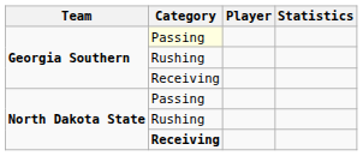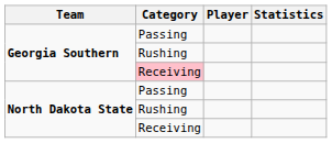 <table class="wikitable" style="float: right;">
 <tr>
 <th>Team</th>
 <th>Category</th>
 <th>Player</th>
 <th>Statistics</th>
 </tr>
 <tr>
 <td rowspan=3><strong>Georgia Southern</strong></td>
-<td style="background: lightyellow;">Passing</td>
+<td>Passing</td>
 <td></td>
 <td></td>
 </tr>
 <tr>
 <td>Rushing</td>
 <td></td>
 <td></td>
 </tr>
 <tr>
-<td>Receiving</td>
+<td style="background: pink;">Receiving</td>
 <td></td>
 <td></td>
 </tr>
 <tr>
 <td rowspan=3><strong>North Dakota State</strong></td>
 <td>Passing</td>
 <td></td>
 <td></td>
 </tr>
 <tr>
 <td>Rushing</td>
 <td></td>
 <td></td>
 </tr>
 <tr>
-<td><strong>Receiving</strong></td>
+<td>Receiving</td>
 <td></td>
 <td></td>
 </tr>
 </table>
